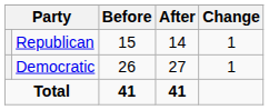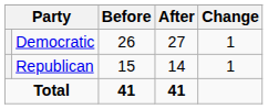 <table class="wikitable" style="text-align:center;">
 <tr>
 </tr>
 <tr>
 <th colspan=2>Party</th>
 <th>Before</th>
 <th>After</th>
 <th>Change</th>
 </tr>
 <tr>
 <th style="background-color:"></th>
-<td style="text-align:left;"><a href='#'>Republican</a></td>
-<td>15</td>
-<td>14</td>
+<td style="text-align:left;"><a href='#'>Democratic</a></td>
+<td>26</td>
+<td>27</td>
 <td> 1</td>
 </tr>
 <tr>
 <th style="background-color:"></th>
-<td style="text-align:left;"><a href='#'>Democratic</a></td>
-<td>26</td>
-<td>27</td>
+<td style="text-align:left;"><a href='#'>Republican</a></td>
+<td>15</td>
+<td>14</td>
 <td> 1</td>
 </tr>
 <tr>
 <td colspan=2><strong>Total</strong></td>
 <td><strong>41</strong></td>
 <td><strong>41</strong></td>
 <td></td>
 </tr>
 </table>
